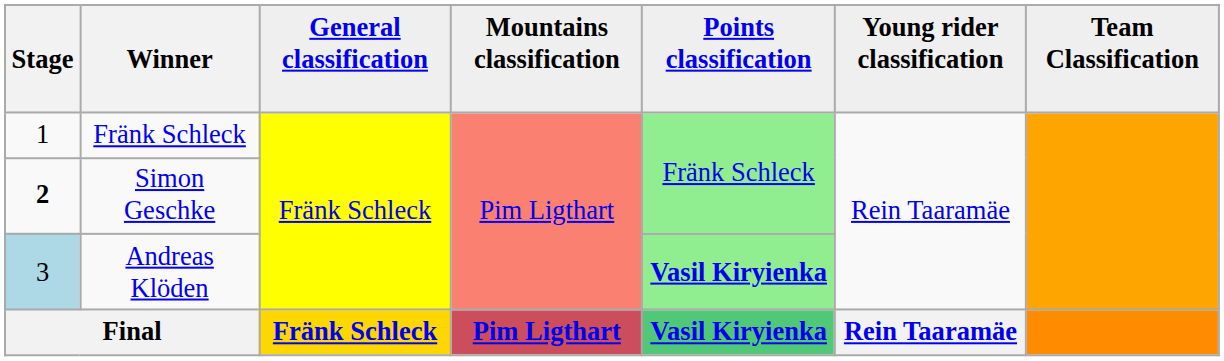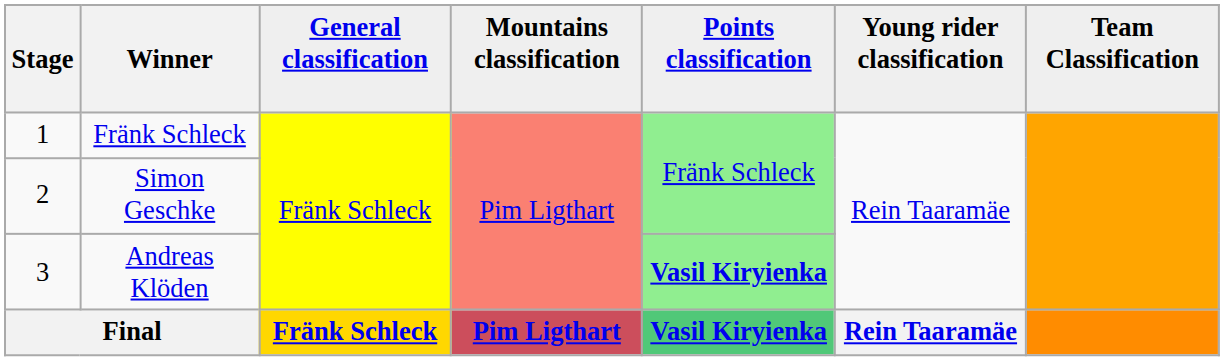 <table class="wikitable" style="text-align: center; font-size:smaller;">
 <tr style="background-color: #efefef;">
 <th width="1%">Stage</th>
 <th width="14%">Winner</th>
 <th style="background:#EFEFEF;" width="15%"><a href='#'>General classification</a><br><br></th>
 <th style="background:#EFEFEF;" width="15%">Mountains classification<br><br></th>
 <th style="background:#EFEFEF;" width="15%"><a href='#'>Points classification</a><br><br></th>
 <th style="background:#EFEFEF;" width="15%">Young rider classification<br><br></th>
 <th style="background:#EFEFEF;" width="15%">Team Classification<br><br></th>
 </tr>
 <tr>
 <td>1</td>
 <td><a href='#'>Fränk Schleck</a></td>
 <td style="background:yellow;" rowspan="3"><a href='#'>Fränk Schleck</a></td>
 <td style="background:salmon;" rowspan="3"><a href='#'>Pim Ligthart</a></td>
 <td style="background:lightgreen;" rowspan="2"><a href='#'>Fränk Schleck</a></td>
 <td style="background:offwhite;" rowspan="3"><a href='#'>Rein Taaramäe</a></td>
 <td style="background:orange;" rowspan="3"></td>
 </tr>
 <tr>
-<td><strong>2</strong></td>
+<td>2</td>
 <td><a href='#'>Simon Geschke</a></td>
 </tr>
 <tr>
-<td style="background: lightblue;">3</td>
+<td>3</td>
 <td><a href='#'>Andreas Klöden</a></td>
 <td style="background:lightgreen;"><strong><a href='#'>Vasil Kiryienka</a></strong></td>
 </tr>
 <tr>
 <th colspan=2><strong>Final</strong></th>
 <th style="background:gold;"><a href='#'>Fränk Schleck</a></th>
 <th style="background:#CC4E5C;"><a href='#'>Pim Ligthart</a></th>
 <th style="background:#50C878;"><a href='#'>Vasil Kiryienka</a></th>
 <th style="background:offwhite;"><a href='#'>Rein Taaramäe</a></th>
 <th style="background:#FF8C00;"></th>
 </tr>
 </table>
